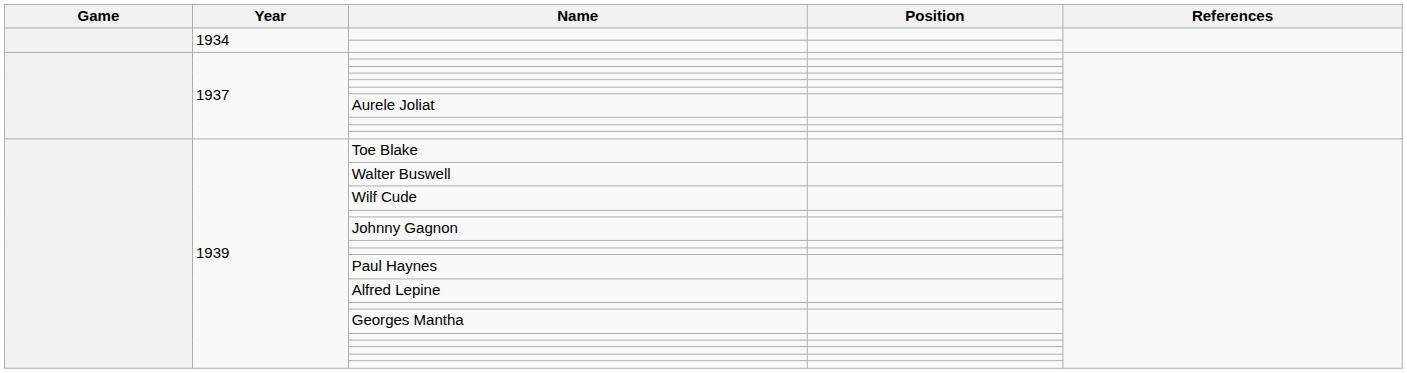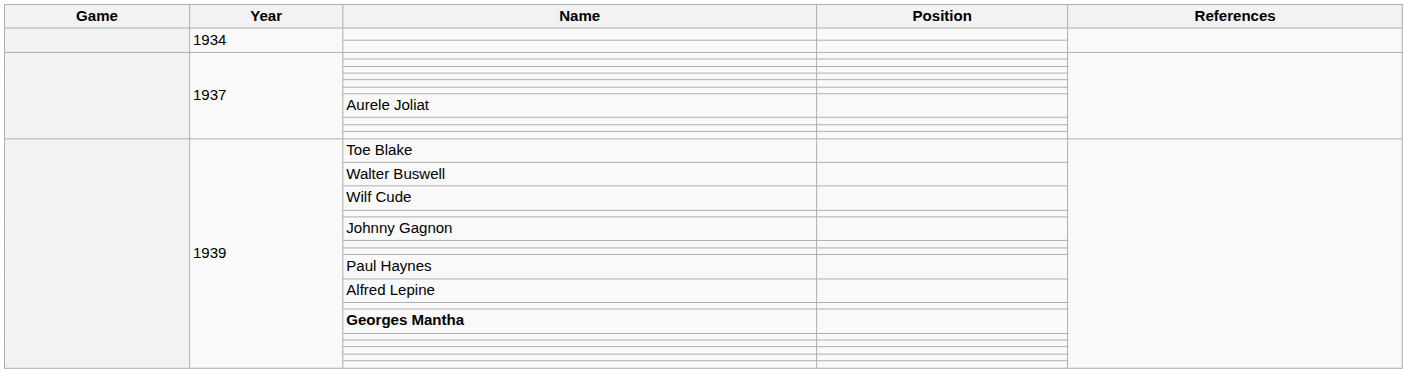 <table class="wikitable sortable" width="75%">
 <tr>
 <th scope="col">Game</th>
 <th scope="col">Year</th>
 <th scope="col">Name</th>
 <th scope="col">Position</th>
 <th scope="col" class="unsortable">References</th>
 </tr>
 <tr>
 <th scope="row" rowspan="2"></th>
 <td rowspan="2">1934</td>
 <td></td>
 <td></td>
 <td rowspan="2"></td>
 </tr>
 <tr>
 <td></td>
 <td></td>
 </tr>
 <tr>
 <th scope="row" rowspan="10"></th>
 <td rowspan="10">1937</td>
 <td></td>
 <td></td>
 <td rowspan="10"></td>
 </tr>
 <tr>
 <td></td>
 <td></td>
 </tr>
 <tr>
 <td></td>
 <td></td>
 </tr>
 <tr>
 <td></td>
 <td></td>
 </tr>
 <tr>
 <td></td>
 <td></td>
 </tr>
 <tr>
 <td></td>
 <td></td>
 </tr>
 <tr>
 <td>Aurele Joliat</td>
 <td></td>
 </tr>
 <tr>
 <td></td>
 <td></td>
 </tr>
 <tr>
 <td></td>
 <td></td>
 </tr>
 <tr>
 <td></td>
 <td></td>
 </tr>
 <tr>
 <th scope="row" rowspan="16"></th>
 <td rowspan="16">1939</td>
 <td>Toe Blake</td>
 <td></td>
 <td rowspan="16"></td>
 </tr>
 <tr>
 <td>Walter Buswell</td>
 <td></td>
 </tr>
 <tr>
 <td>Wilf Cude</td>
 <td></td>
 </tr>
 <tr>
 <td></td>
 <td></td>
 </tr>
 <tr>
 <td>Johnny Gagnon</td>
 <td></td>
 </tr>
 <tr>
 <td></td>
 <td></td>
 </tr>
 <tr>
 <td></td>
 <td></td>
 </tr>
 <tr>
 <td>Paul Haynes</td>
 <td></td>
 </tr>
 <tr>
 <td>Alfred Lepine</td>
 <td></td>
 </tr>
 <tr>
 <td></td>
 <td></td>
 </tr>
 <tr>
-<td>Georges Mantha</td>
+<td><strong>Georges Mantha</strong></td>
 <td></td>
 </tr>
 <tr>
 <td></td>
 <td></td>
 </tr>
 <tr>
 <td></td>
 <td></td>
 </tr>
 <tr>
 <td></td>
 <td></td>
 </tr>
 <tr>
 <td></td>
 <td></td>
 </tr>
 <tr>
 <td></td>
 <td></td>
 </tr>
 </table>
